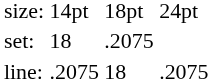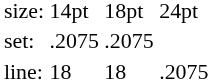 <table style="margin-left:40px;">
 <tr>
 <td>size:</td>
 <td>14pt</td>
 <td>18pt</td>
 <td>24pt</td>
 </tr>
 <tr>
 <td>set:</td>
-<td>18</td>
+<td>.2075</td>
 <td>.2075</td>
 </tr>
 <tr>
 <td>line:</td>
-<td>.2075</td>
+<td>18</td>
 <td 18>18</td>
 <td>.2075</td>
 </tr>
 </table>
